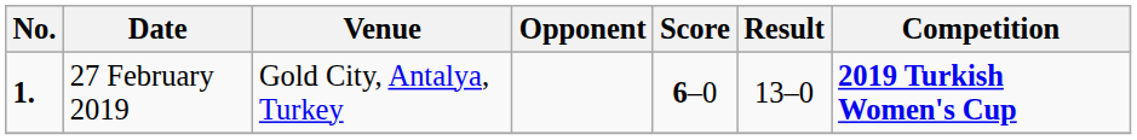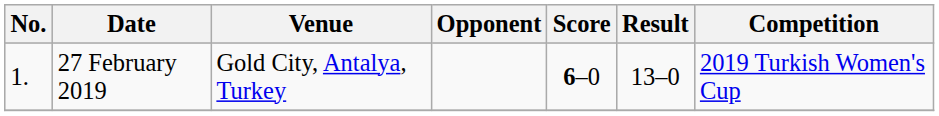 <table class="wikitable">
 <tr>
 <th>No.</th>
 <th>Date</th>
 <th>Venue</th>
 <th>Opponent</th>
 <th>Score</th>
 <th>Result</th>
 <th>Competition</th>
 </tr>
 <tr>
-<td><strong>1.</strong></td>
+<td>1.</td>
 <td>27 February 2019</td>
 <td>Gold City, <a href='#'>Antalya</a>, <a href='#'>Turkey</a></td>
 <td></td>
 <td align=center><strong>6</strong>–0</td>
 <td align=center>13–0</td>
-<td><strong><a href='#'>2019 Turkish Women's Cup</a></strong></td>
+<td><a href='#'>2019 Turkish Women's Cup</a></td>
 </tr>
 <tr>
 </tr>
 </table>
